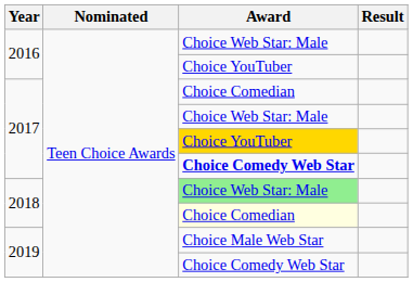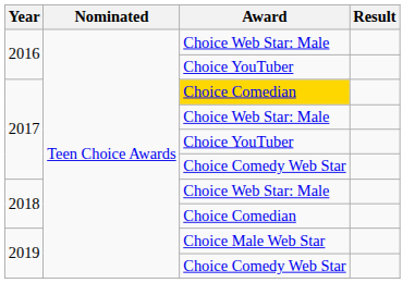 <table class="wikitable sortable">
 <tr>
 <th>Year</th>
 <th>Nominated</th>
 <th>Award</th>
 <th>Result</th>
 </tr>
 <tr>
 <td rowspan="2">2016</td>
 <td rowspan="10"><a href='#'>Teen Choice Awards</a></td>
 <td><a href='#'>Choice Web Star: Male</a></td>
 <td></td>
 </tr>
 <tr>
 <td><a href='#'>Choice YouTuber</a></td>
 <td></td>
 </tr>
 <tr>
 <td rowspan="4">2017</td>
-<td><a href='#'>Choice Comedian</a></td>
+<td style="background: gold;"><a href='#'>Choice Comedian</a></td>
 <td></td>
 </tr>
 <tr>
 <td><a href='#'>Choice Web Star: Male</a></td>
 <td></td>
 </tr>
 <tr>
-<td style="background: gold;"><a href='#'>Choice YouTuber</a></td>
+<td><a href='#'>Choice YouTuber</a></td>
 <td></td>
 </tr>
 <tr>
-<td><strong><a href='#'>Choice Comedy Web Star</a></strong></td>
+<td><a href='#'>Choice Comedy Web Star</a></td>
 <td></td>
 </tr>
 <tr>
 <td rowspan="2">2018</td>
-<td style="background: lightgreen;"><a href='#'>Choice Web Star: Male</a></td>
+<td><a href='#'>Choice Web Star: Male</a></td>
 <td></td>
 </tr>
 <tr>
-<td style="background: lightyellow;"><a href='#'>Choice Comedian</a></td>
+<td><a href='#'>Choice Comedian</a></td>
 <td></td>
 </tr>
 <tr>
 <td rowspan="2">2019</td>
 <td><a href='#'>Choice Male Web Star</a></td>
 <td></td>
 </tr>
 <tr>
 <td><a href='#'>Choice Comedy Web Star</a></td>
 <td></td>
 </tr>
 </table>
